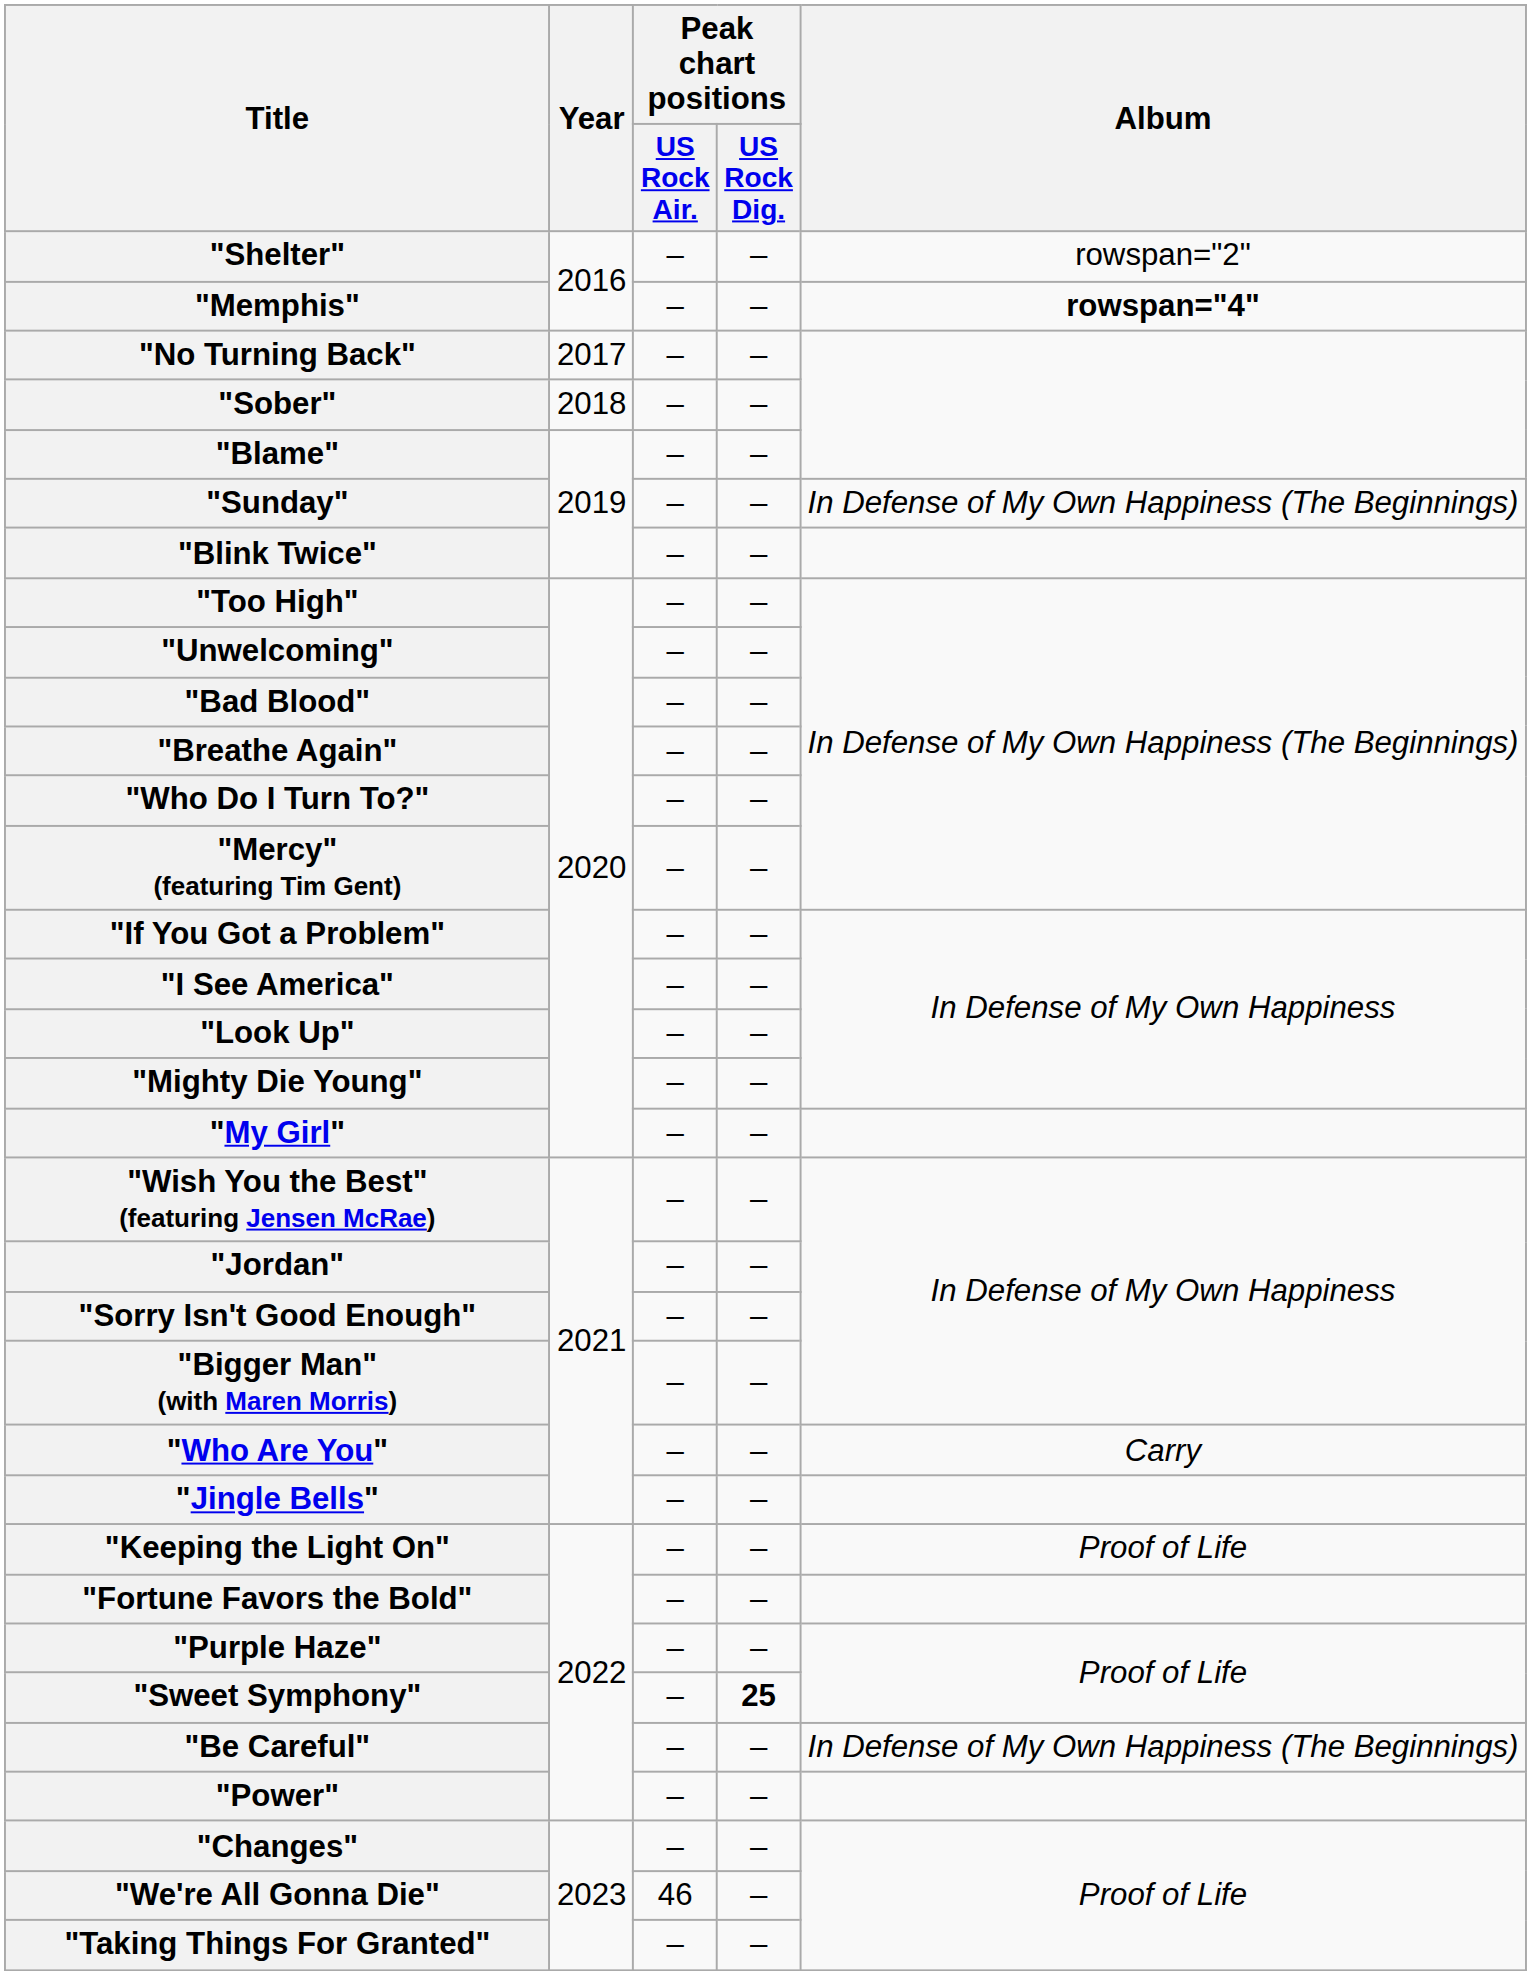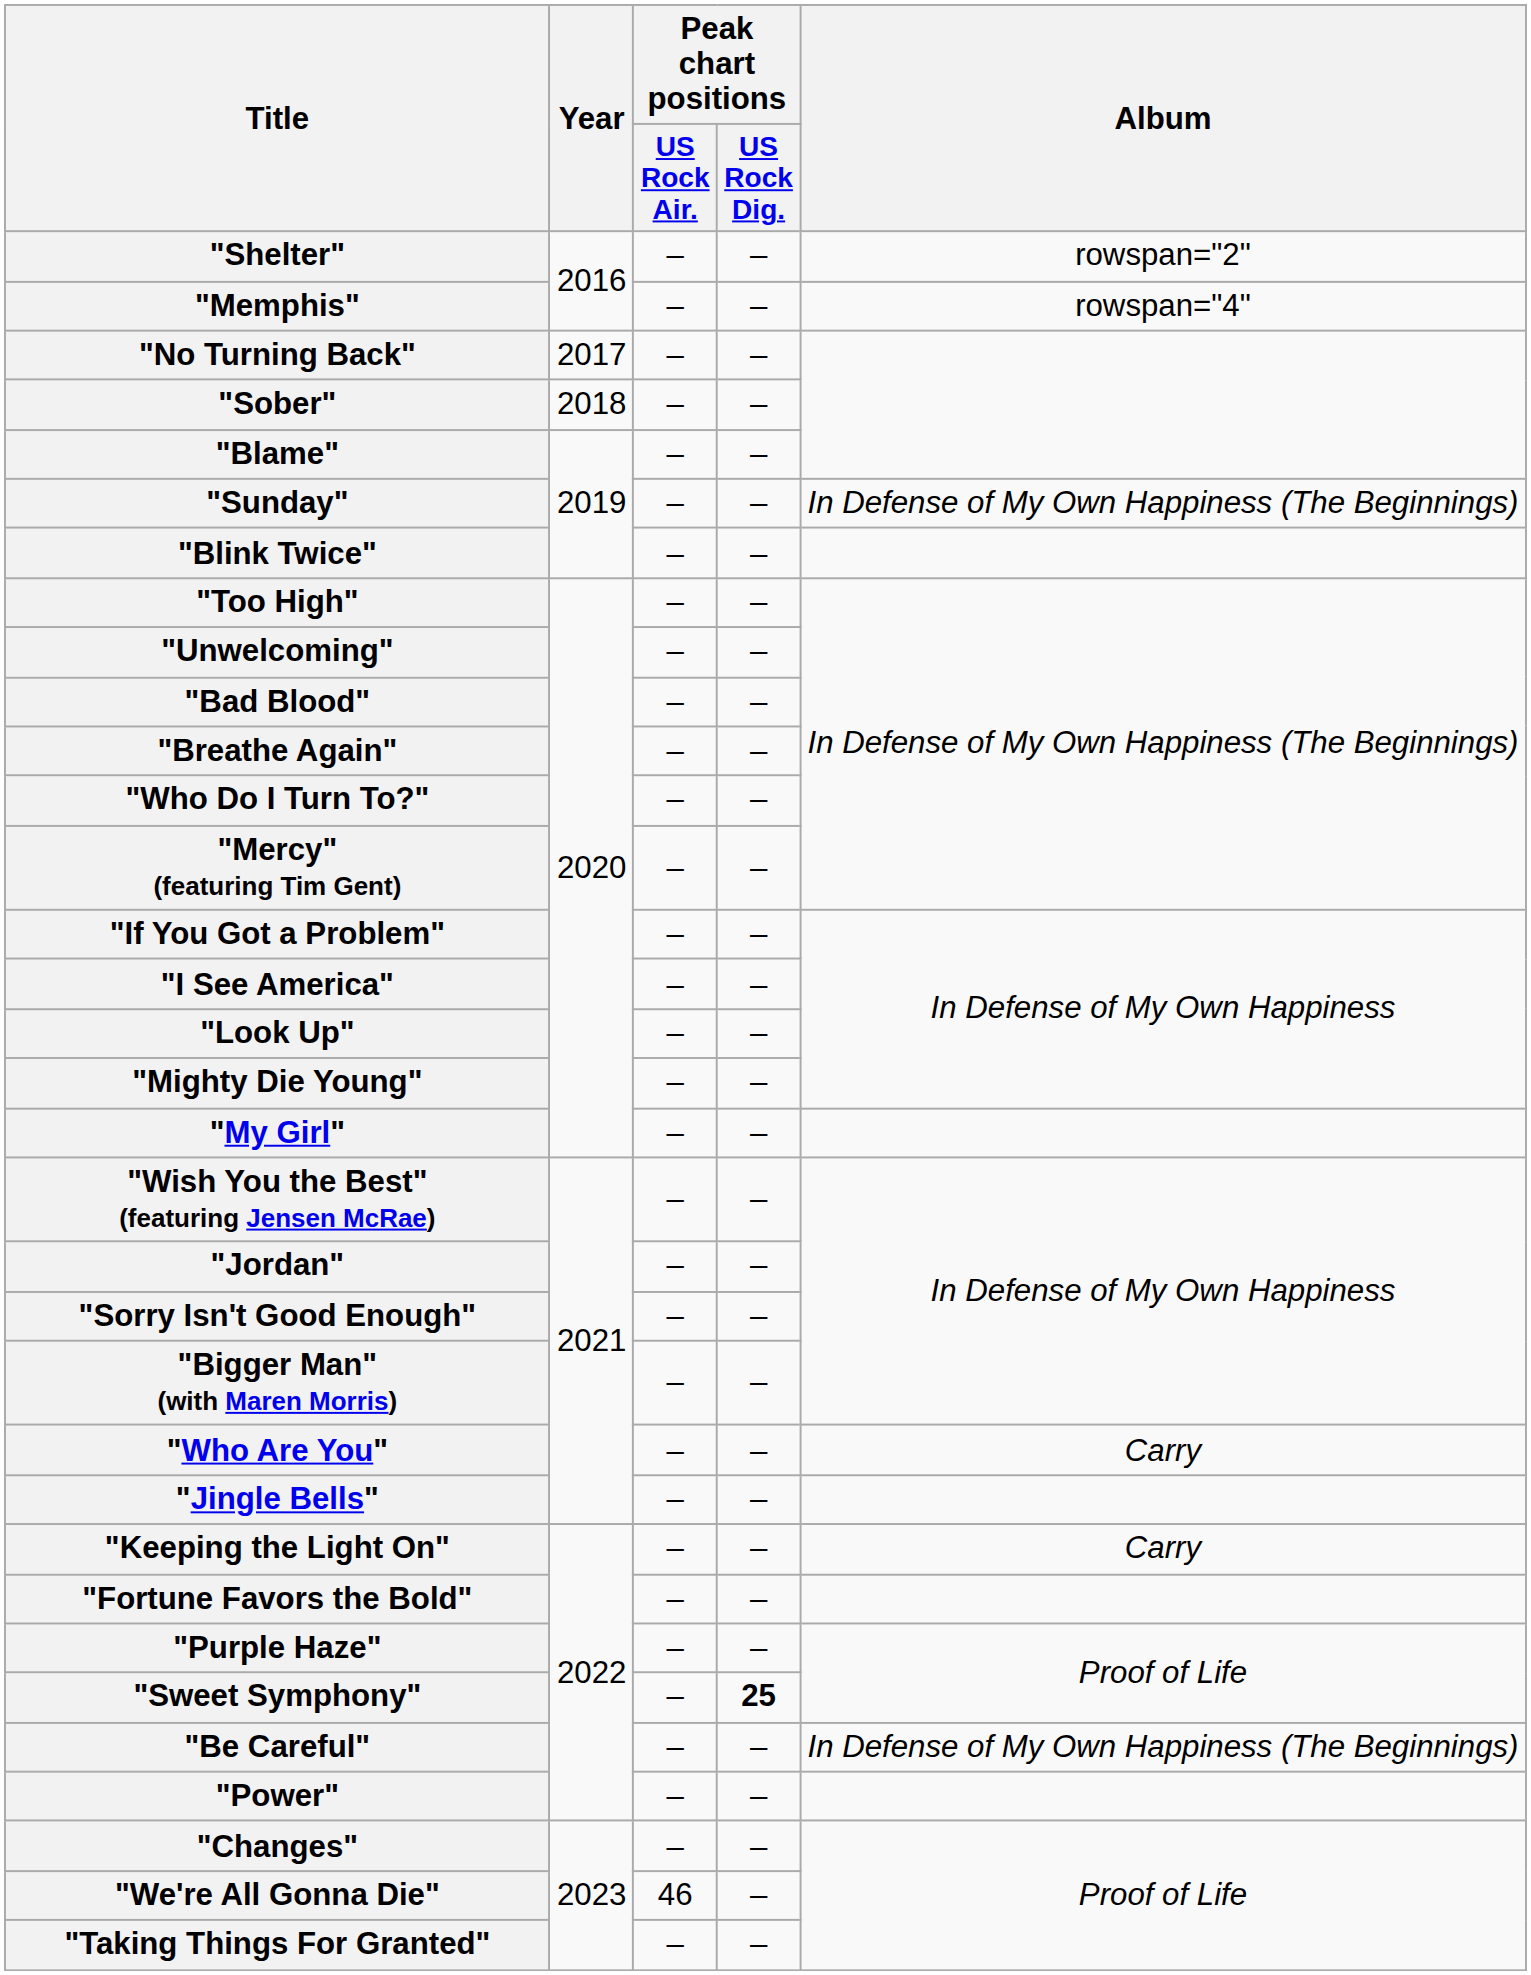 <table class="wikitable plainrowheaders" style="text-align:center;">
 <tr>
 <th scope="col" rowspan="2" style="width:17em;">Title</th>
 <th scope="col" rowspan="2">Year</th>
 <th scope="col" colspan="2">Peak chart positions</th>
 <th scope="col" rowspan="2">Album</th>
 </tr>
 <tr>
 <th scope="col" style="width:2.5em;font-size:90%;"><a href='#'>US<br>Rock<br>Air.</a><br></th>
 <th scope="col" style="width:2.5em;font-size:90%;"><a href='#'>US<br>Rock<br>Dig.</a><br></th>
 </tr>
 <tr>
 <th scope="row">"Shelter"</th>
 <td rowspan="2">2016</td>
 <td>–</td>
 <td>–</td>
 <td>rowspan="2" </td>
 </tr>
 <tr>
 <th scope="row">"Memphis"</th>
 <td>–</td>
 <td>–</td>
-<td><strong>rowspan="4" </strong></td>
+<td>rowspan="4" </td>
 </tr>
 <tr>
 <th scope="row">"No Turning Back"</th>
 <td>2017</td>
 <td>–</td>
 <td>–</td>
 </tr>
 <tr>
 <th scope="row">"Sober"</th>
 <td>2018</td>
 <td>–</td>
 <td>–</td>
 </tr>
 <tr>
 <th scope="row">"Blame"</th>
 <td rowspan="3">2019</td>
 <td>–</td>
 <td>–</td>
 </tr>
 <tr>
 <th scope="row">"Sunday"</th>
 <td>–</td>
 <td>–</td>
 <td><em>In Defense of My Own Happiness (The Beginnings)</em></td>
 </tr>
 <tr>
 <th scope="row">"Blink Twice"</th>
 <td>–</td>
 <td>–</td>
 <td></td>
 </tr>
 <tr>
 <th scope="row">"Too High"</th>
 <td rowspan="11">2020</td>
 <td>–</td>
 <td>–</td>
 <td rowspan="6"><em>In Defense of My Own Happiness (The Beginnings)</em></td>
 </tr>
 <tr>
 <th scope="row">"Unwelcoming"</th>
 <td>–</td>
 <td>–</td>
 </tr>
 <tr>
 <th scope="row">"Bad Blood"</th>
 <td>–</td>
 <td>–</td>
 </tr>
 <tr>
 <th scope="row">"Breathe Again"</th>
 <td>–</td>
 <td>–</td>
 </tr>
 <tr>
 <th scope="row">"Who Do I Turn To?"</th>
 <td>–</td>
 <td>–</td>
 </tr>
 <tr>
 <th scope="row">"Mercy"<br><small>(featuring Tim Gent)</small></th>
 <td>–</td>
 <td>–</td>
 </tr>
 <tr>
 <th scope="row">"If You Got a Problem"</th>
 <td>–</td>
 <td>–</td>
 <td rowspan="4"><em>In Defense of My Own Happiness</em></td>
 </tr>
 <tr>
 <th scope="row">"I See America"</th>
 <td>–</td>
 <td>–</td>
 </tr>
 <tr>
 <th scope="row">"Look Up"</th>
 <td>–</td>
 <td>–</td>
 </tr>
 <tr>
 <th scope="row">"Mighty Die Young"</th>
 <td>–</td>
 <td>–</td>
 </tr>
 <tr>
 <th scope="row">"<a href='#'>My Girl</a>"</th>
 <td>–</td>
 <td>–</td>
 <td></td>
 </tr>
 <tr>
 <th scope="row">"Wish You the Best"<br><small>(featuring <a href='#'>Jensen McRae</a>)</small></th>
 <td rowspan="6">2021</td>
 <td>–</td>
 <td>–</td>
 <td rowspan="4"><em>In Defense of My Own Happiness</em></td>
 </tr>
 <tr>
 <th scope="row">"Jordan"</th>
 <td>–</td>
 <td>–</td>
 </tr>
 <tr>
 <th scope="row">"Sorry Isn't Good Enough"</th>
 <td>–</td>
 <td>–</td>
 </tr>
 <tr>
 <th scope="row">"Bigger Man"<br><small>(with <a href='#'>Maren Morris</a>)</small></th>
 <td>–</td>
 <td>–</td>
 </tr>
 <tr>
 <th scope="row">"<a href='#'>Who Are You</a>"</th>
 <td>–</td>
 <td>–</td>
 <td><em>Carry</em></td>
 </tr>
 <tr>
 <th scope="row">"<a href='#'>Jingle Bells</a>"</th>
 <td>–</td>
 <td>–</td>
 </tr>
 <tr>
 <th scope="row">"Keeping the Light On"</th>
 <td rowspan="6">2022</td>
 <td>–</td>
 <td>–</td>
-<td><em>Proof of Life</em></td>
+<td><em>Carry</em></td>
 </tr>
 <tr>
 <th scope="row">"Fortune Favors the Bold"<br></th>
 <td>–</td>
 <td>–</td>
 <td></td>
 </tr>
 <tr>
 <th scope="row">"Purple Haze"</th>
 <td>–</td>
 <td>–</td>
 <td rowspan="2"><em>Proof of Life</em></td>
 </tr>
 <tr>
 <th scope="row">"Sweet Symphony"<br></th>
 <td>–</td>
 <td><strong>25</strong></td>
 </tr>
 <tr>
 <th scope="row">"Be Careful"<br></th>
 <td>–</td>
 <td>–</td>
 <td><em>In Defense of My Own Happiness (The Beginnings)</em></td>
 </tr>
 <tr>
 <th scope="row">"Power"<br></th>
 <td>–</td>
 <td>–</td>
 </tr>
 <tr>
 <th scope="row">"Changes"</th>
 <td rowspan="3">2023</td>
 <td>–</td>
 <td>–</td>
 <td rowspan="3"><em>Proof of Life</em></td>
 </tr>
 <tr>
 <th scope="row">"We're All Gonna Die"<br></th>
 <td>46</td>
 <td>–</td>
 </tr>
 <tr>
 <th scope="row">"Taking Things For Granted"</th>
 <td>–</td>
 <td>–</td>
 </tr>
 <tr>
 </tr>
 </table>
